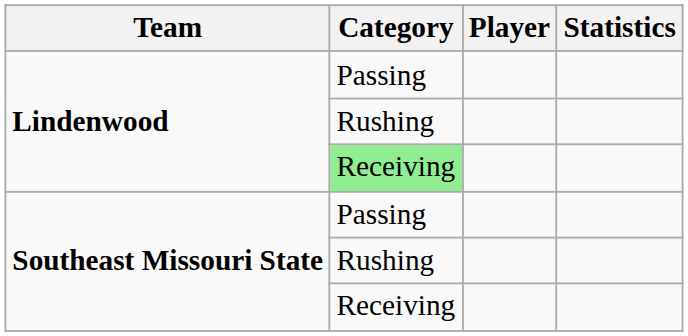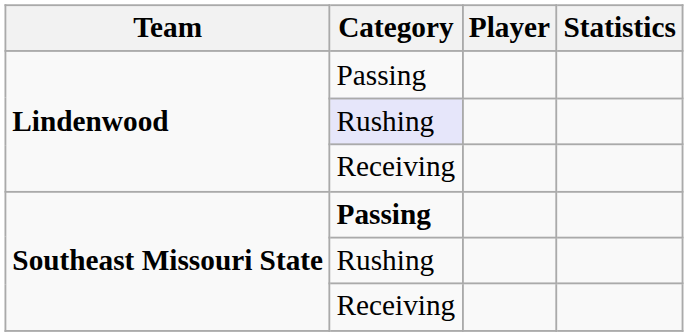 <table class="wikitable" style="float: right;">
 <tr>
 <th>Team</th>
 <th>Category</th>
 <th>Player</th>
 <th>Statistics</th>
 </tr>
 <tr>
 <td rowspan=3><strong>Lindenwood</strong></td>
 <td>Passing</td>
 <td></td>
 <td></td>
 </tr>
 <tr>
-<td>Rushing</td>
+<td style="background: lavender;">Rushing</td>
 <td></td>
 <td></td>
 </tr>
 <tr>
-<td style="background: lightgreen;">Receiving</td>
+<td>Receiving</td>
 <td></td>
 <td></td>
 </tr>
 <tr>
 <td rowspan=3><strong>Southeast Missouri State</strong></td>
-<td>Passing</td>
+<td><strong>Passing</strong></td>
 <td></td>
 <td></td>
 </tr>
 <tr>
 <td>Rushing</td>
 <td></td>
 <td></td>
 </tr>
 <tr>
 <td>Receiving</td>
 <td></td>
 <td></td>
 </tr>
 </table>
